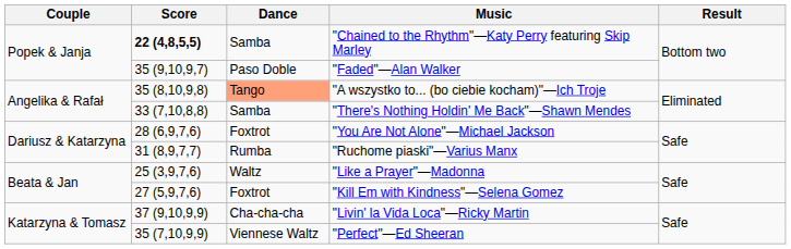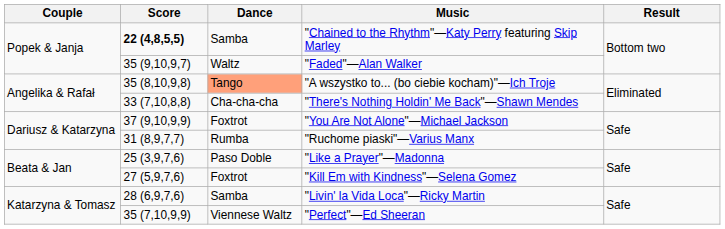 <table class="wikitable">
 <tr>
 <th width="150">Couple</th>
 <th width="110">Score</th>
 <th width="120">Dance</th>
 <th width="400">Music</th>
 <th width="150">Result</th>
 </tr>
 <tr>
 <td rowspan="2">Popek & Janja</td>
 <td><strong>22 (4,8,5,5)</strong></td>
 <td>Samba</td>
 <td>"<a href='#'>Chained to the Rhythm</a>"—<a href='#'>Katy Perry</a> featuring <a href='#'>Skip Marley</a></td>
 <td rowspan="2">Bottom two</td>
 </tr>
 <tr>
 <td>35 (9,10,9,7)</td>
-<td>Paso Doble</td>
+<td>Waltz</td>
 <td>"<a href='#'>Faded</a>"—<a href='#'>Alan Walker</a></td>
 </tr>
 <tr>
 <td rowspan="2">Angelika & Rafał</td>
 <td>35 (8,10,9,8)</td>
 <td style="background: lightsalmon;">Tango</td>
 <td>"A wszystko to... (bo ciebie kocham)"—<a href='#'>Ich Troje</a></td>
 <td rowspan="2">Eliminated</td>
 </tr>
 <tr>
 <td>33 (7,10,8,8)</td>
-<td>Samba</td>
+<td>Cha-cha-cha</td>
 <td>"<a href='#'>There's Nothing Holdin' Me Back</a>"—<a href='#'>Shawn Mendes</a></td>
 </tr>
 <tr>
 <td rowspan="2">Dariusz & Katarzyna</td>
-<td>28 (6,9,7,6)</td>
+<td>37 (9,10,9,9)</td>
 <td>Foxtrot</td>
 <td>"<a href='#'>You Are Not Alone</a>"—<a href='#'>Michael Jackson</a></td>
 <td rowspan="2">Safe</td>
 </tr>
 <tr>
 <td>31 (8,9,7,7)</td>
 <td>Rumba</td>
 <td>"Ruchome piaski"—<a href='#'>Varius Manx</a></td>
 </tr>
 <tr>
 <td rowspan="2">Beata & Jan</td>
 <td>25 (3,9,7,6)</td>
-<td>Waltz</td>
+<td>Paso Doble</td>
 <td>"<a href='#'>Like a Prayer</a>"—<a href='#'>Madonna</a></td>
 <td rowspan="2">Safe</td>
 </tr>
 <tr>
 <td>27 (5,9,7,6)</td>
 <td>Foxtrot</td>
 <td>"<a href='#'>Kill Em with Kindness</a>"—<a href='#'>Selena Gomez</a></td>
 </tr>
 <tr>
 <td rowspan="2">Katarzyna & Tomasz</td>
-<td>37 (9,10,9,9)</td>
-<td>Cha-cha-cha</td>
+<td>28 (6,9,7,6)</td>
+<td>Samba</td>
 <td>"<a href='#'>Livin' la Vida Loca</a>"—<a href='#'>Ricky Martin</a></td>
 <td rowspan="2">Safe</td>
 </tr>
 <tr>
 <td>35 (7,10,9,9)</td>
 <td>Viennese Waltz</td>
 <td>"<a href='#'>Perfect</a>"—<a href='#'>Ed Sheeran</a></td>
 </tr>
 </table>
